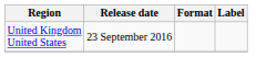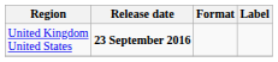 <table class="wikitable">
 <tr>
 <th>Region</th>
 <th>Release date</th>
 <th>Format</th>
 <th>Label</th>
 </tr>
 <tr>
 <td><a href='#'>United Kingdom</a><br><a href='#'>United States</a></td>
-<td>23 September 2016</td>
+<td><strong>23 September 2016</strong></td>
 <td></td>
 <td></td>
 </tr>
 <tr>
 </tr>
 </table>
